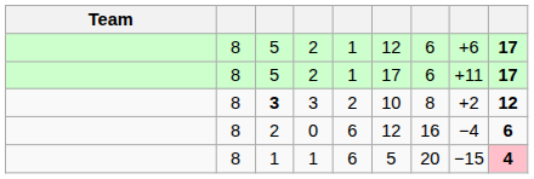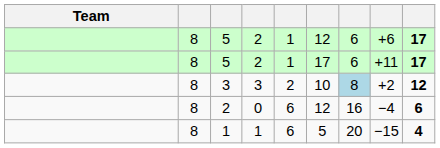 <table class="wikitable" style="text-align: center; font-size: 90%;">
 <tr>
 <th width=165>Team</th>
 <th width=25></th>
 <th width=25></th>
 <th width=25></th>
 <th width=25></th>
 <th width=25></th>
 <th width=25></th>
 <th width=25></th>
 <th width=25></th>
 </tr>
 <tr style="background:#cfc;">
 <td align=left></td>
 <td>8</td>
 <td>5</td>
 <td>2</td>
 <td>1</td>
 <td>12</td>
 <td>6</td>
 <td>+6</td>
 <td><strong>17</strong></td>
 </tr>
 <tr style="background:#cfc;">
 <td align=left></td>
 <td>8</td>
 <td>5</td>
 <td>2</td>
 <td>1</td>
 <td>17</td>
 <td>6</td>
 <td>+11</td>
 <td><strong>17</strong></td>
 </tr>
 <tr>
 <td align=left></td>
 <td>8</td>
-<td><strong>3</strong></td>
+<td>3</td>
 <td>3</td>
 <td>2</td>
 <td>10</td>
-<td>8</td>
+<td style="background: lightblue;">8</td>
 <td>+2</td>
 <td><strong>12</strong></td>
 </tr>
 <tr>
 <td align=left></td>
 <td>8</td>
 <td>2</td>
 <td>0</td>
 <td>6</td>
 <td>12</td>
 <td>16</td>
 <td>−4</td>
 <td><strong>6</strong></td>
 </tr>
 <tr>
 <td align=left></td>
 <td>8</td>
 <td>1</td>
 <td>1</td>
 <td>6</td>
 <td>5</td>
 <td>20</td>
 <td>−15</td>
-<td style="background: pink;"><strong>4</strong></td>
+<td><strong>4</strong></td>
 </tr>
 </table>
